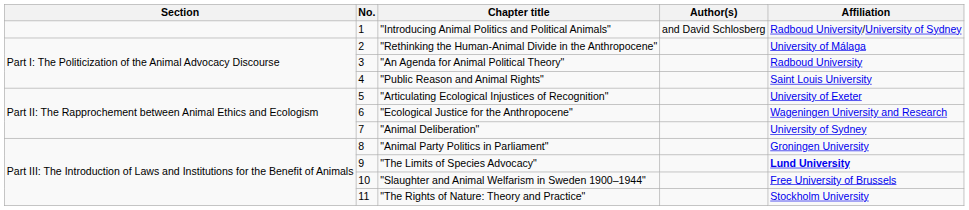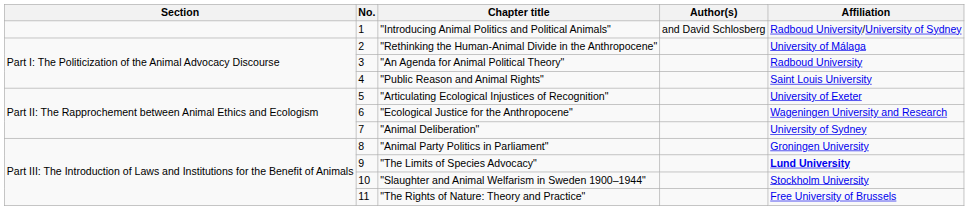 <table class="wikitable sortable">
 <tr>
 <th scope="col">Section</th>
 <th scope="col">No.</th>
 <th scope="col">Chapter title</th>
 <th scope="col">Author(s)</th>
 <th scope="col">Affiliation</th>
 </tr>
 <tr>
 <td></td>
 <td>1</td>
 <td>"Introducing Animal Politics and Political Animals"</td>
 <td> and David Schlosberg</td>
 <td><a href='#'>Radboud University</a>/<a href='#'>University of Sydney</a></td>
 </tr>
 <tr>
 <td rowspan="3">Part I: The Politicization of the Animal Advocacy Discourse</td>
 <td>2</td>
 <td>"Rethinking the Human-Animal Divide in the Anthropocene"</td>
 <td></td>
 <td><a href='#'>University of Málaga</a></td>
 </tr>
 <tr>
 <td>3</td>
 <td>"An Agenda for Animal Political Theory"</td>
 <td></td>
 <td><a href='#'>Radboud University</a></td>
 </tr>
 <tr>
 <td>4</td>
 <td>"Public Reason and Animal Rights"</td>
 <td></td>
 <td><a href='#'>Saint Louis University</a></td>
 </tr>
 <tr>
 <td rowspan="3">Part II: The Rapprochement between Animal Ethics and Ecologism</td>
 <td>5</td>
 <td>"Articulating Ecological Injustices of Recognition"</td>
 <td></td>
 <td><a href='#'>University of Exeter</a></td>
 </tr>
 <tr>
 <td>6</td>
 <td>"Ecological Justice for the Anthropocene"</td>
 <td></td>
 <td><a href='#'>Wageningen University and Research</a></td>
 </tr>
 <tr>
 <td>7</td>
 <td>"Animal Deliberation"</td>
 <td></td>
 <td><a href='#'>University of Sydney</a></td>
 </tr>
 <tr>
 <td rowspan="4">Part III: The Introduction of Laws and Institutions for the Benefit of Animals</td>
 <td>8</td>
 <td>"Animal Party Politics in Parliament"</td>
 <td></td>
 <td><a href='#'>Groningen University</a></td>
 </tr>
 <tr>
 <td>9</td>
 <td>"The Limits of Species Advocacy"</td>
 <td></td>
 <td><strong><a href='#'>Lund University</a></strong></td>
 </tr>
 <tr>
 <td>10</td>
 <td>"Slaughter and Animal Welfarism in Sweden 1900–1944"</td>
 <td></td>
-<td><a href='#'>Free University of Brussels</a></td>
+<td><a href='#'>Stockholm University</a></td>
 </tr>
 <tr>
 <td>11</td>
 <td>"The Rights of Nature: Theory and Practice"</td>
 <td></td>
-<td><a href='#'>Stockholm University</a></td>
+<td><a href='#'>Free University of Brussels</a></td>
 </tr>
 </table>
